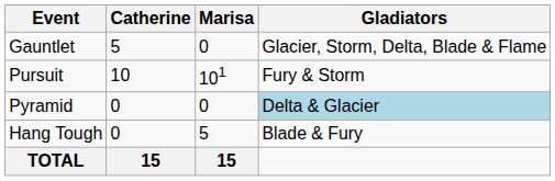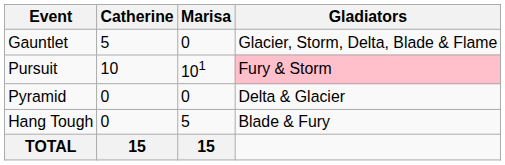 <table class="wikitable">
 <tr>
 <th>Event</th>
 <th>Catherine</th>
 <th>Marisa</th>
 <th>Gladiators</th>
 </tr>
 <tr>
 <td>Gauntlet</td>
 <td>5</td>
 <td>0</td>
 <td>Glacier, Storm, Delta, Blade & Flame</td>
 </tr>
 <tr>
 <td>Pursuit</td>
 <td>10</td>
 <td>10<sup>1</sup></td>
-<td>Fury & Storm</td>
+<td style="background: pink;">Fury & Storm</td>
 </tr>
 <tr>
 <td>Pyramid</td>
 <td>0</td>
 <td>0</td>
-<td style="background: lightblue;">Delta & Glacier</td>
+<td>Delta & Glacier</td>
 </tr>
 <tr>
 <td>Hang Tough</td>
 <td>0</td>
 <td>5</td>
 <td>Blade & Fury</td>
 </tr>
 <tr>
 <th>TOTAL</th>
 <th>15</th>
 <th>15</th>
 </tr>
 </table>
